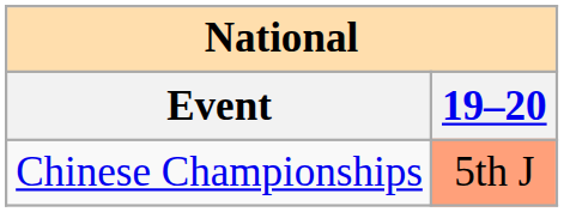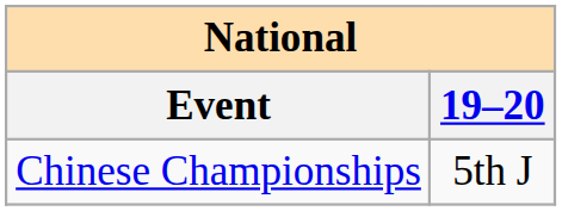 <table class="wikitable" style="text-align:center">
 <tr>
 <th colspan="2" style="background-color: #ffdead; " align="center">National</th>
 </tr>
 <tr>
 <th>Event</th>
 <th><a href='#'>19–20</a></th>
 </tr>
 <tr>
 <td align=left><a href='#'>Chinese Championships</a></td>
-<td style="background: lightsalmon;">5th J</td>
+<td>5th J</td>
 </tr>
 </table>
